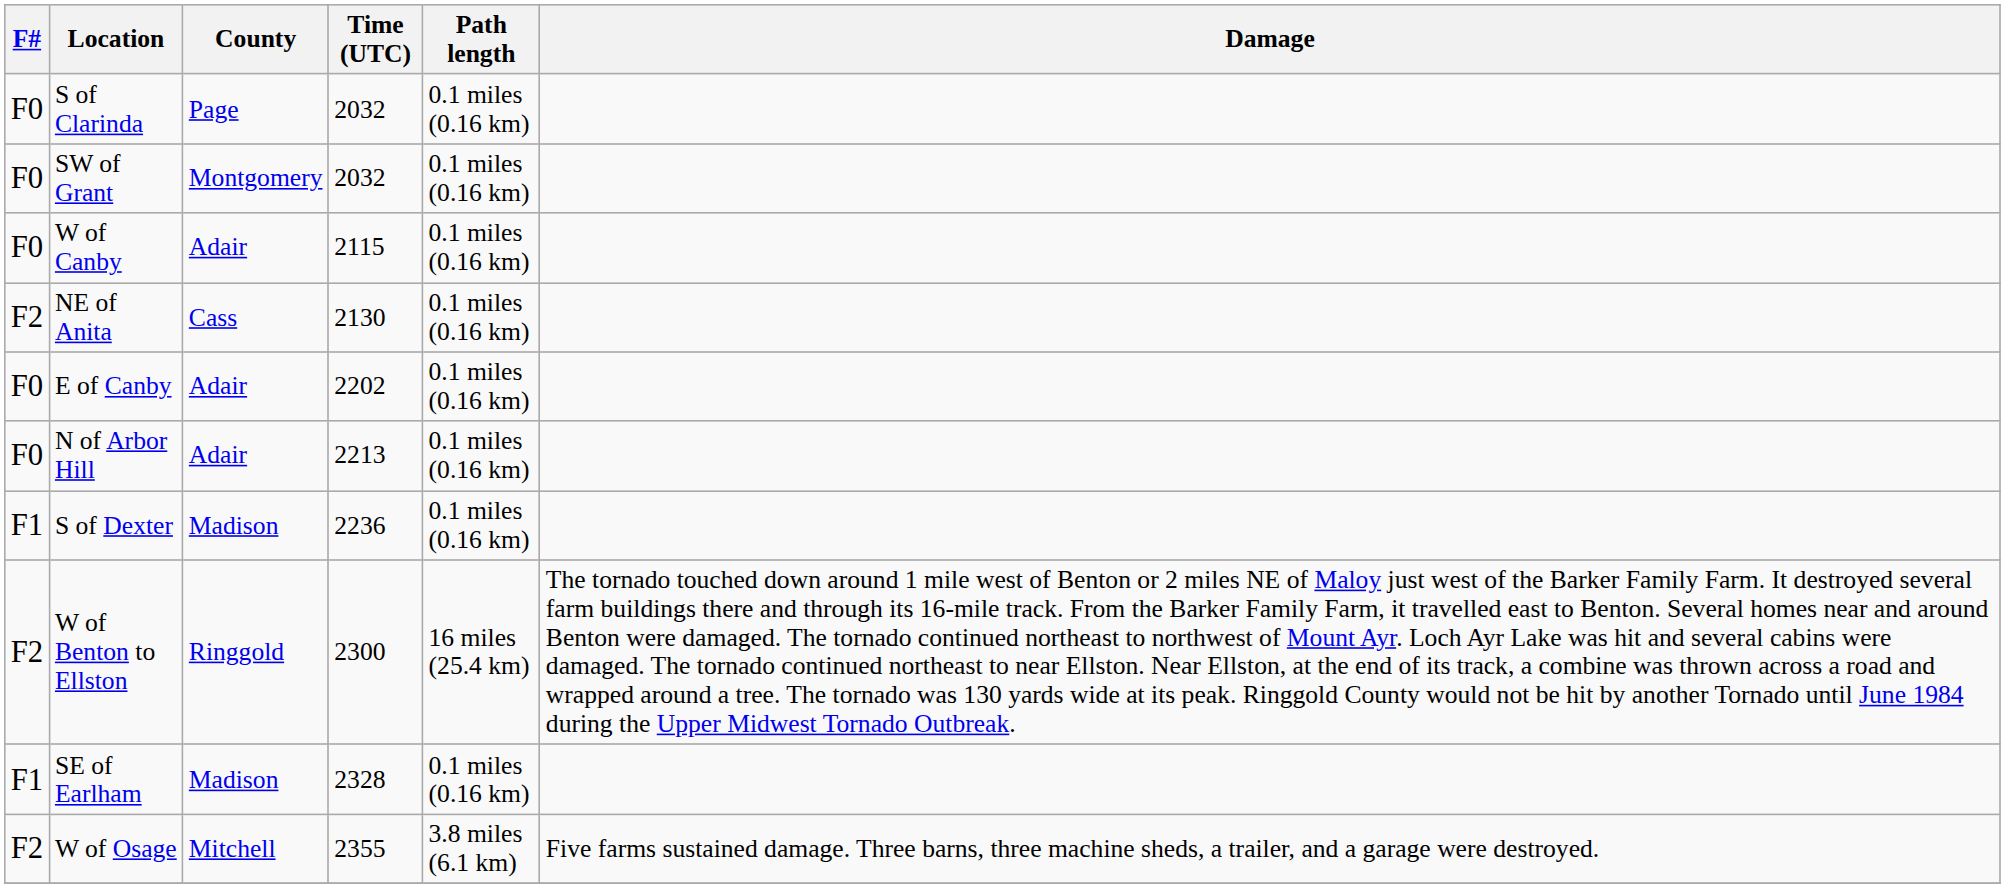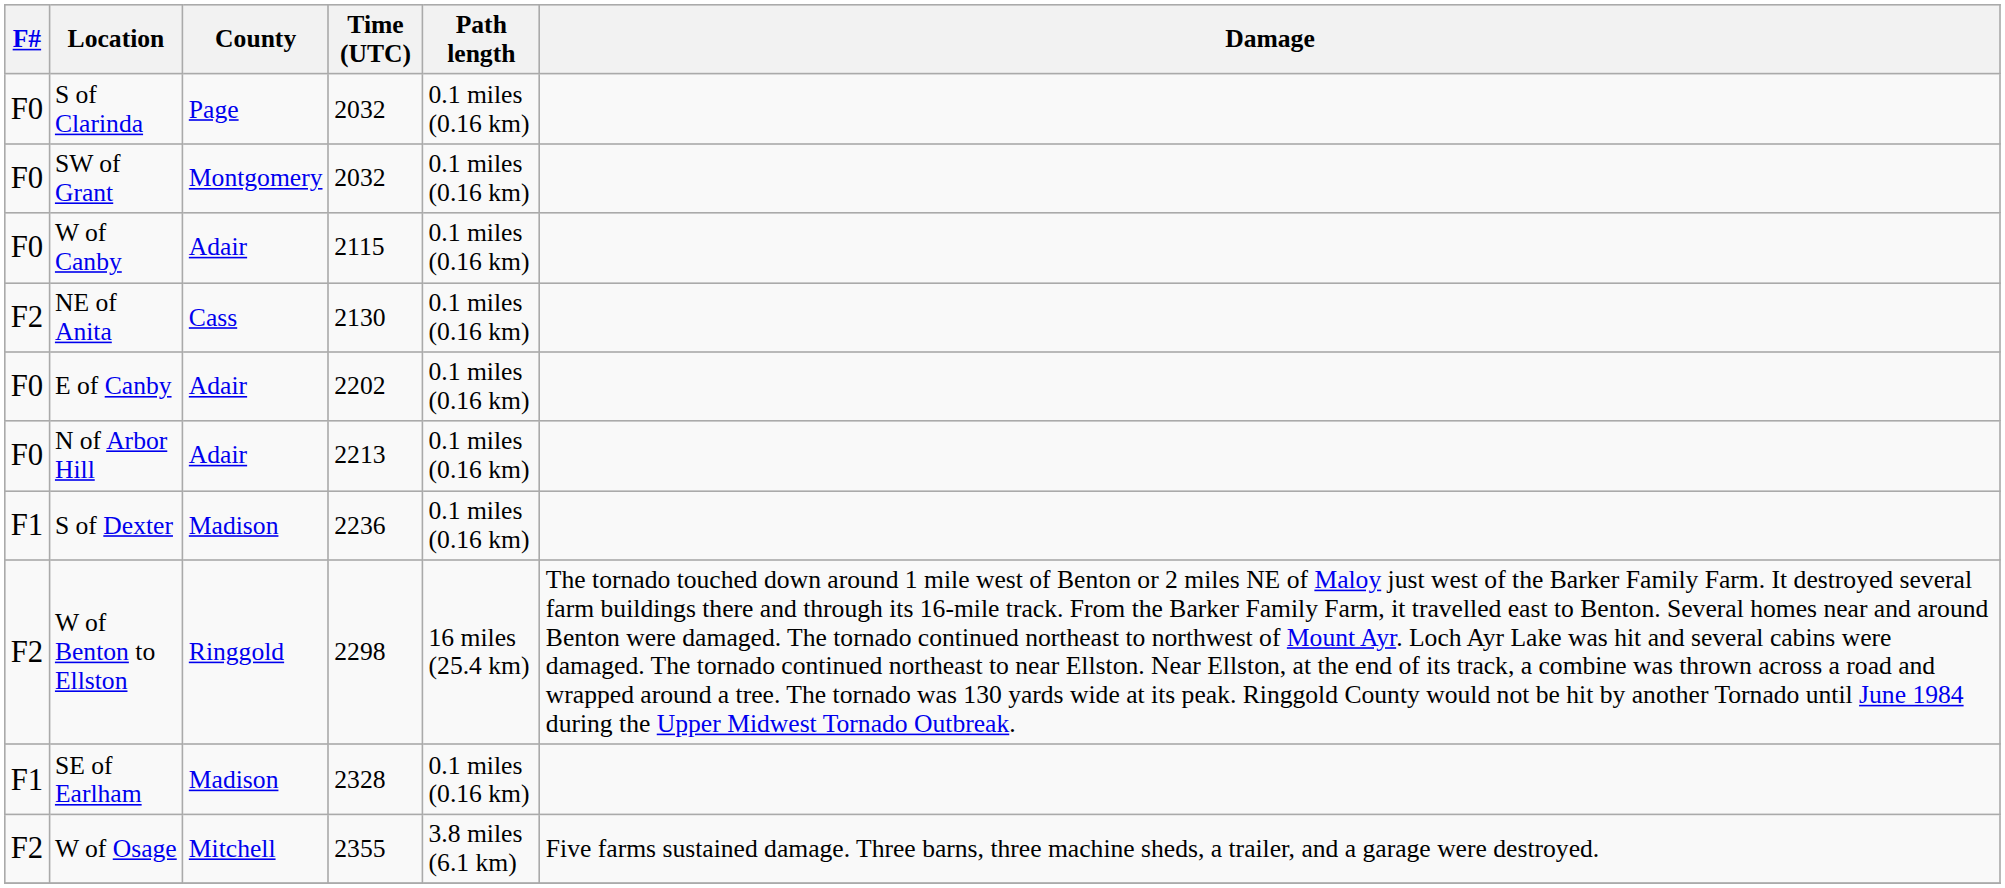 <table class="wikitable">
 <tr>
 <th scope="col"><strong><a href='#'>F#</a></strong></th>
 <th scope="col"><strong>Location</strong></th>
 <th scope="col"><strong>County</strong></th>
 <th scope="col"><strong>Time (UTC)</strong></th>
 <th scope="col"><strong>Path length</strong></th>
 <th scope="col"><strong>Damage</strong></th>
 </tr>
 <tr>
 <td><big>F0</big></td>
 <td>S of <a href='#'>Clarinda</a></td>
 <td><a href='#'>Page</a></td>
 <td>2032</td>
 <td>0.1 miles <br>(0.16 km)</td>
 <td></td>
 </tr>
 <tr>
 <td><big>F0</big></td>
 <td>SW of <a href='#'>Grant</a></td>
 <td><a href='#'>Montgomery</a></td>
 <td>2032</td>
 <td>0.1 miles <br>(0.16 km)</td>
 <td></td>
 </tr>
 <tr>
 <td><big>F0</big></td>
 <td>W of <a href='#'>Canby</a></td>
 <td><a href='#'>Adair</a></td>
 <td>2115</td>
 <td>0.1 miles <br>(0.16 km)</td>
 <td></td>
 </tr>
 <tr>
 <td><big>F2</big></td>
 <td>NE of <a href='#'>Anita</a></td>
 <td><a href='#'>Cass</a></td>
 <td>2130</td>
 <td>0.1 miles <br>(0.16 km)</td>
 <td></td>
 </tr>
 <tr>
 <td><big>F0</big></td>
 <td>E of <a href='#'>Canby</a></td>
 <td><a href='#'>Adair</a></td>
 <td>2202</td>
 <td>0.1 miles <br>(0.16 km)</td>
 <td></td>
 </tr>
 <tr>
 <td><big>F0</big></td>
 <td>N of <a href='#'>Arbor Hill</a></td>
 <td><a href='#'>Adair</a></td>
 <td>2213</td>
 <td>0.1 miles <br>(0.16 km)</td>
 <td></td>
 </tr>
 <tr>
 <td><big>F1</big></td>
 <td>S of <a href='#'>Dexter</a></td>
 <td><a href='#'>Madison</a></td>
 <td>2236</td>
 <td>0.1 miles <br>(0.16 km)</td>
 <td></td>
 </tr>
 <tr>
 <td><big>F2</big></td>
 <td>W of <a href='#'>Benton</a> to <a href='#'>Ellston</a></td>
 <td><a href='#'>Ringgold</a></td>
-<td>2300</td>
+<td>2298</td>
 <td>16 miles <br>(25.4 km)</td>
 <td>The tornado touched down around 1 mile west of Benton or 2 miles NE of <a href='#'>Maloy</a> just west of the Barker Family Farm. It destroyed several farm buildings there and through its 16-mile track. From the Barker Family Farm, it travelled east to Benton. Several homes near and around Benton were damaged. The tornado continued northeast to northwest of <a href='#'>Mount Ayr</a>. Loch Ayr Lake was hit and several cabins were damaged. The tornado continued northeast to near Ellston. Near Ellston, at the end of its track, a combine was thrown across a road and wrapped around a tree. The tornado was 130 yards wide at its peak. Ringgold County would not be hit by another Tornado until <a href='#'>June 1984</a> during the <a href='#'>Upper Midwest Tornado Outbreak</a>.</td>
 </tr>
 <tr>
 <td><big>F1</big></td>
 <td>SE of <a href='#'>Earlham</a></td>
 <td><a href='#'>Madison</a></td>
 <td>2328</td>
 <td>0.1 miles <br>(0.16 km)</td>
 <td></td>
 </tr>
 <tr>
 <td><big>F2</big></td>
 <td>W of <a href='#'>Osage</a></td>
 <td><a href='#'>Mitchell</a></td>
 <td>2355</td>
 <td>3.8 miles <br>(6.1 km)</td>
 <td>Five farms sustained damage. Three barns, three machine sheds, a trailer, and a garage were destroyed.</td>
 </tr>
 <tr>
 </tr>
 </table>
